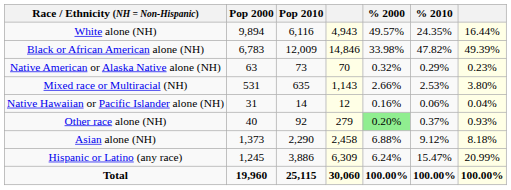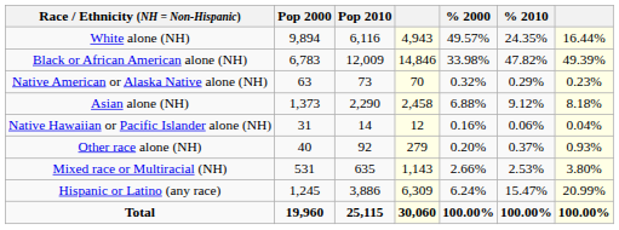 <table class="wikitable" style="text-align:center;">
 <tr>
 <th>Race / Ethnicity <small>(<em>NH = Non-Hispanic</em>)</small></th>
 <th>Pop 2000</th>
 <th>Pop 2010</th>
 <th></th>
 <th>% 2000</th>
 <th>% 2010</th>
 <th></th>
 </tr>
 <tr>
 <td><a href='#'>White</a> alone (NH)</td>
 <td>9,894</td>
 <td>6,116</td>
 <td style='background: #ffffe6;'>4,943</td>
 <td>49.57%</td>
 <td>24.35%</td>
 <td style='background: #ffffe6;'>16.44%</td>
 </tr>
 <tr>
 <td><a href='#'>Black or African American</a> alone (NH)</td>
 <td>6,783</td>
 <td>12,009</td>
 <td style='background: #ffffe6;'>14,846</td>
 <td>33.98%</td>
 <td>47.82%</td>
 <td style='background: #ffffe6;'>49.39%</td>
 </tr>
 <tr>
 <td><a href='#'>Native American</a> or <a href='#'>Alaska Native</a> alone (NH)</td>
 <td>63</td>
 <td>73</td>
 <td style='background: #ffffe6;'>70</td>
 <td>0.32%</td>
 <td>0.29%</td>
 <td style='background: #ffffe6;'>0.23%</td>
 </tr>
 <tr>
-<td><a href='#'>Mixed race or Multiracial</a> (NH)</td>
-<td>531</td>
-<td>635</td>
-<td style='background: #ffffe6;'>1,143</td>
-<td>2.66%</td>
-<td>2.53%</td>
-<td style='background: #ffffe6;'>3.80%</td>
+<td><a href='#'>Asian</a> alone (NH)</td>
+<td>1,373</td>
+<td>2,290</td>
+<td style='background: #ffffe6;'>2,458</td>
+<td>6.88%</td>
+<td>9.12%</td>
+<td style='background: #ffffe6;'>8.18%</td>
 </tr>
 <tr>
 <td><a href='#'>Native Hawaiian</a> or <a href='#'>Pacific Islander</a> alone (NH)</td>
 <td>31</td>
 <td>14</td>
 <td style='background: #ffffe6;'>12</td>
 <td>0.16%</td>
 <td>0.06%</td>
 <td style='background: #ffffe6;'>0.04%</td>
 </tr>
 <tr>
 <td><a href='#'>Other race</a> alone (NH)</td>
 <td>40</td>
 <td>92</td>
 <td style='background: #ffffe6;'>279</td>
-<td style="background: lightgreen;">0.20%</td>
+<td>0.20%</td>
 <td>0.37%</td>
 <td style='background: #ffffe6;'>0.93%</td>
 </tr>
 <tr>
-<td><a href='#'>Asian</a> alone (NH)</td>
-<td>1,373</td>
-<td>2,290</td>
-<td style='background: #ffffe6;'>2,458</td>
-<td>6.88%</td>
-<td>9.12%</td>
-<td style='background: #ffffe6;'>8.18%</td>
+<td><a href='#'>Mixed race or Multiracial</a> (NH)</td>
+<td>531</td>
+<td>635</td>
+<td style='background: #ffffe6;'>1,143</td>
+<td>2.66%</td>
+<td>2.53%</td>
+<td style='background: #ffffe6;'>3.80%</td>
 </tr>
 <tr>
 <td><a href='#'>Hispanic or Latino</a> (any race)</td>
 <td>1,245</td>
 <td>3,886</td>
 <td style='background: #ffffe6;'>6,309</td>
 <td>6.24%</td>
 <td>15.47%</td>
 <td style='background: #ffffe6;'>20.99%</td>
 </tr>
 <tr>
 <td><strong>Total</strong></td>
 <td><strong>19,960</strong></td>
 <td><strong>25,115</strong></td>
 <td style='background: #ffffe6;'><strong>30,060</strong></td>
 <td><strong>100.00%</strong></td>
 <td><strong>100.00%</strong></td>
 <td style='background: #ffffe6;'><strong>100.00%</strong></td>
 </tr>
 </table>
